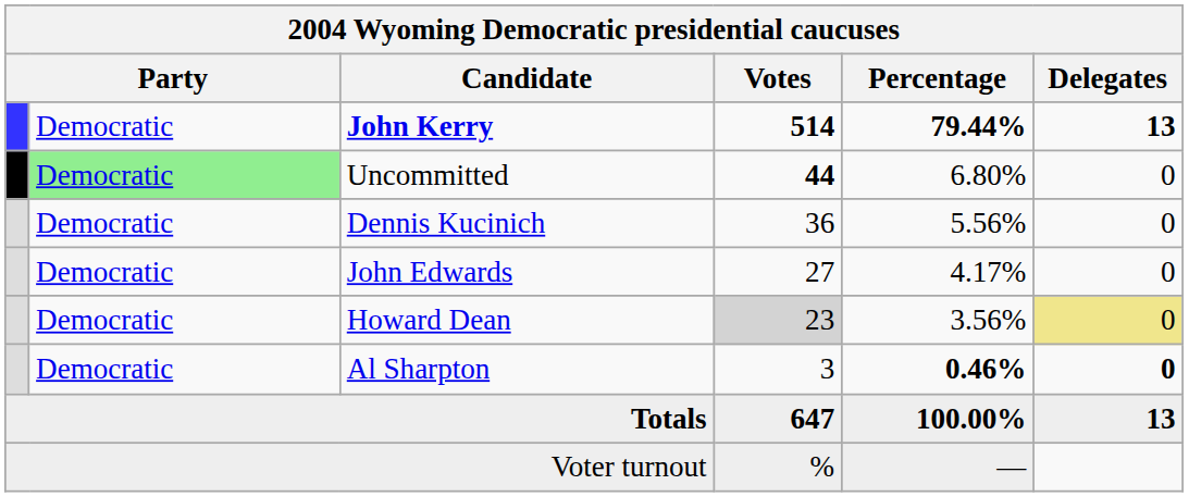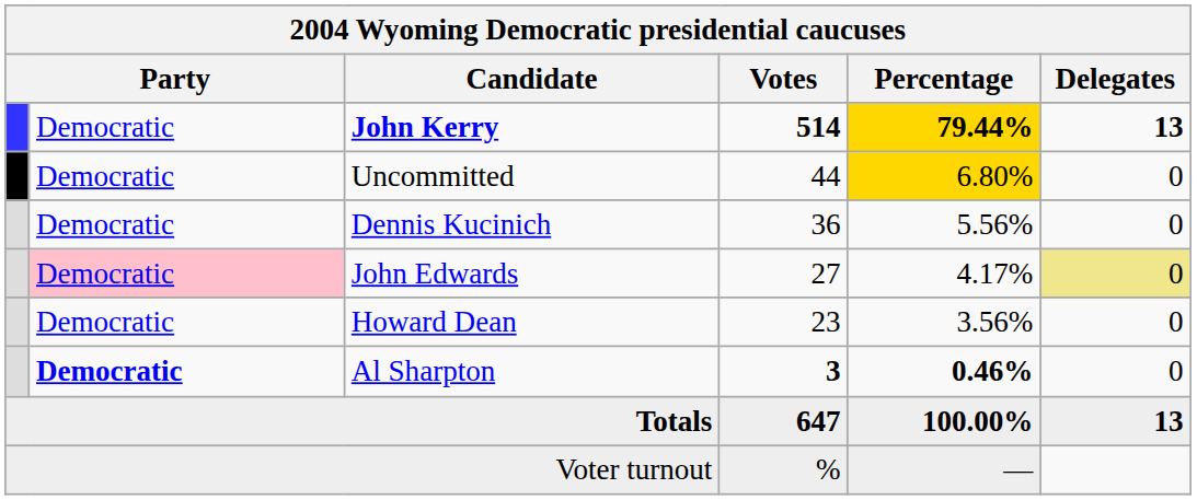 <table class="wikitable" style="font-size:95%;">
 <tr>
 <th colspan="7">2004 Wyoming Democratic presidential caucuses</th>
 </tr>
 <tr>
 <th colspan="2" style="width: 15em">Party</th>
 <th style="width: 17em">Candidate</th>
 <th style="width: 5em">Votes</th>
 <th style="width: 7em">Percentage</th>
 <th style="width: 5em">Delegates</th>
 </tr>
 <tr>
 <th style="background-color:#3333FF; width: 3px"></th>
 <td style="width: 130px"><a href='#'>Democratic</a></td>
 <td><strong><a href='#'>John Kerry</a></strong></td>
 <td align="right"><strong>514</strong></td>
-<td align="right"><strong>79.44%</strong></td>
+<td align="right" style="background: gold;"><strong>79.44%</strong></td>
 <td align="right"><strong>13</strong></td>
 </tr>
 <tr>
 <th style="background-color:#000000; width: 3px"></th>
-<td style="background: lightgreen; width: 130px"><a href='#'>Democratic</a></td>
+<td style="width: 130px"><a href='#'>Democratic</a></td>
 <td>Uncommitted</td>
-<td align="right"><strong>44</strong></td>
-<td align="right">6.80%</td>
+<td align="right">44</td>
+<td align="right" style="background: gold;">6.80%</td>
 <td align="right">0</td>
 </tr>
 <tr>
 <th style="background-color:#DDDDDD; width: 3px"></th>
 <td style="width: 130px"><a href='#'>Democratic</a></td>
 <td><a href='#'>Dennis Kucinich</a></td>
 <td align="right">36</td>
 <td align="right">5.56%</td>
 <td align="right">0</td>
 </tr>
 <tr>
 <th style="background-color:#DDDDDD; width: 3px"></th>
-<td style="width: 130px"><a href='#'>Democratic</a></td>
+<td style="background: pink; width: 130px"><a href='#'>Democratic</a></td>
 <td><a href='#'>John Edwards</a></td>
 <td align="right">27</td>
 <td align="right">4.17%</td>
-<td align="right">0</td>
+<td align="right" style="background: khaki;">0</td>
 </tr>
 <tr>
 <th style="background-color:#DDDDDD; width: 3px"></th>
 <td style="width: 130px"><a href='#'>Democratic</a></td>
 <td><a href='#'>Howard Dean</a></td>
-<td align="right" style="background: lightgrey;">23</td>
+<td align="right">23</td>
 <td align="right">3.56%</td>
-<td align="right" style="background: khaki;">0</td>
+<td align="right">0</td>
 </tr>
 <tr>
 <th style="background-color:#DDDDDD; width: 3px"></th>
-<td style="width: 130px"><a href='#'>Democratic</a></td>
+<td style="width: 130px"><strong><a href='#'>Democratic</a></strong></td>
 <td><a href='#'>Al Sharpton</a></td>
-<td align="right">3</td>
+<td align="right"><strong>3</strong></td>
 <td align="right"><strong>0.46%</strong></td>
-<td align="right"><strong>0</strong></td>
+<td align="right">0</td>
 </tr>
 <tr bgcolor="#EEEEEE">
 <td colspan="3" align="right"><strong>Totals</strong></td>
 <td align="right"><strong>647</strong></td>
 <td align="right"><strong>100.00%</strong></td>
 <td align="right"><strong>13</strong></td>
 </tr>
 <tr bgcolor="#EEEEEE">
 <td colspan="3" align="right">Voter turnout</td>
 <td colspan="1" align="right">%</td>
 <td align="right">—</td>
 </tr>
 </table>
